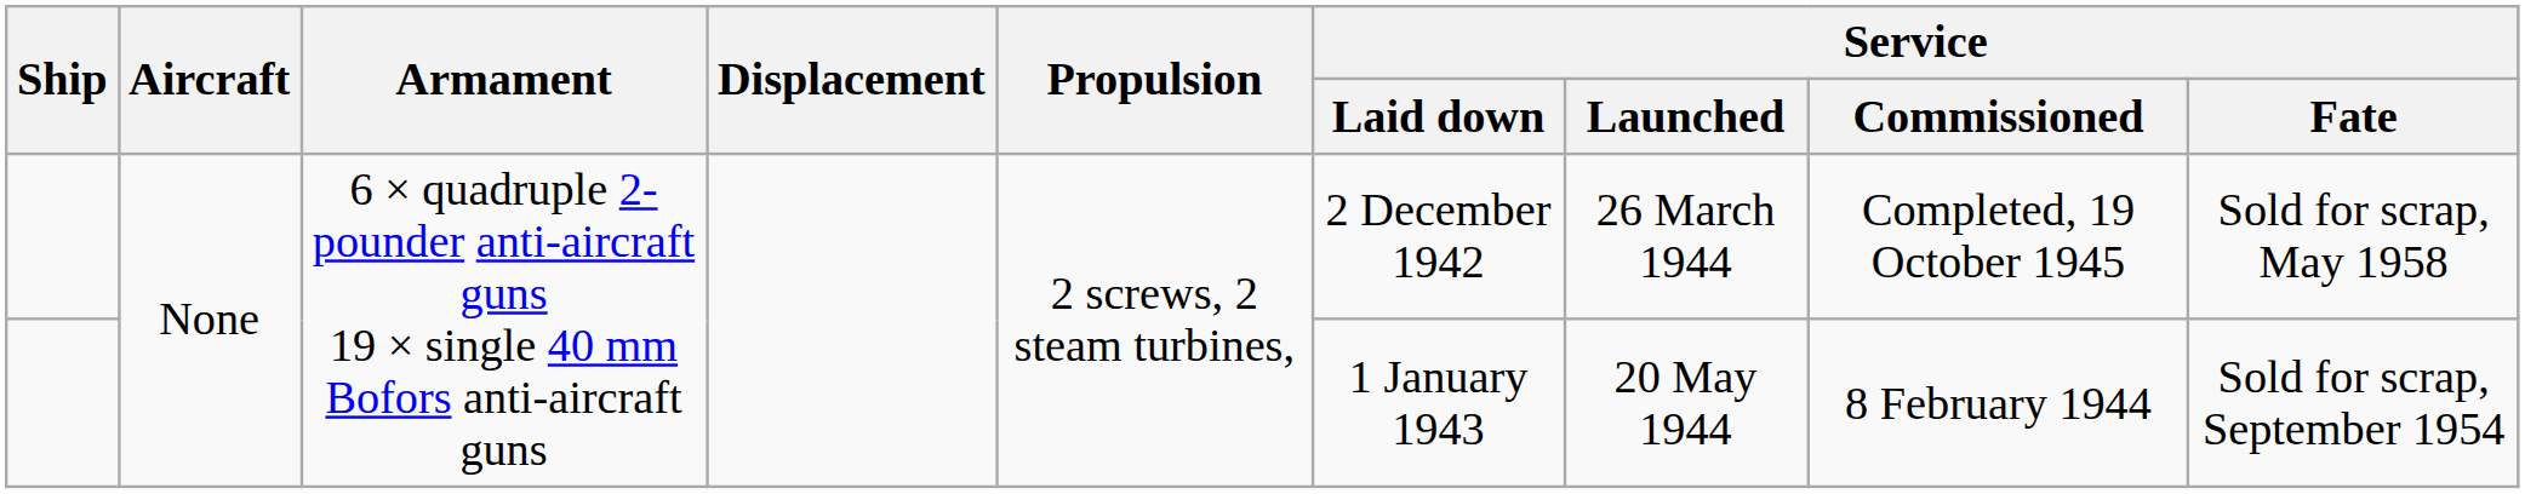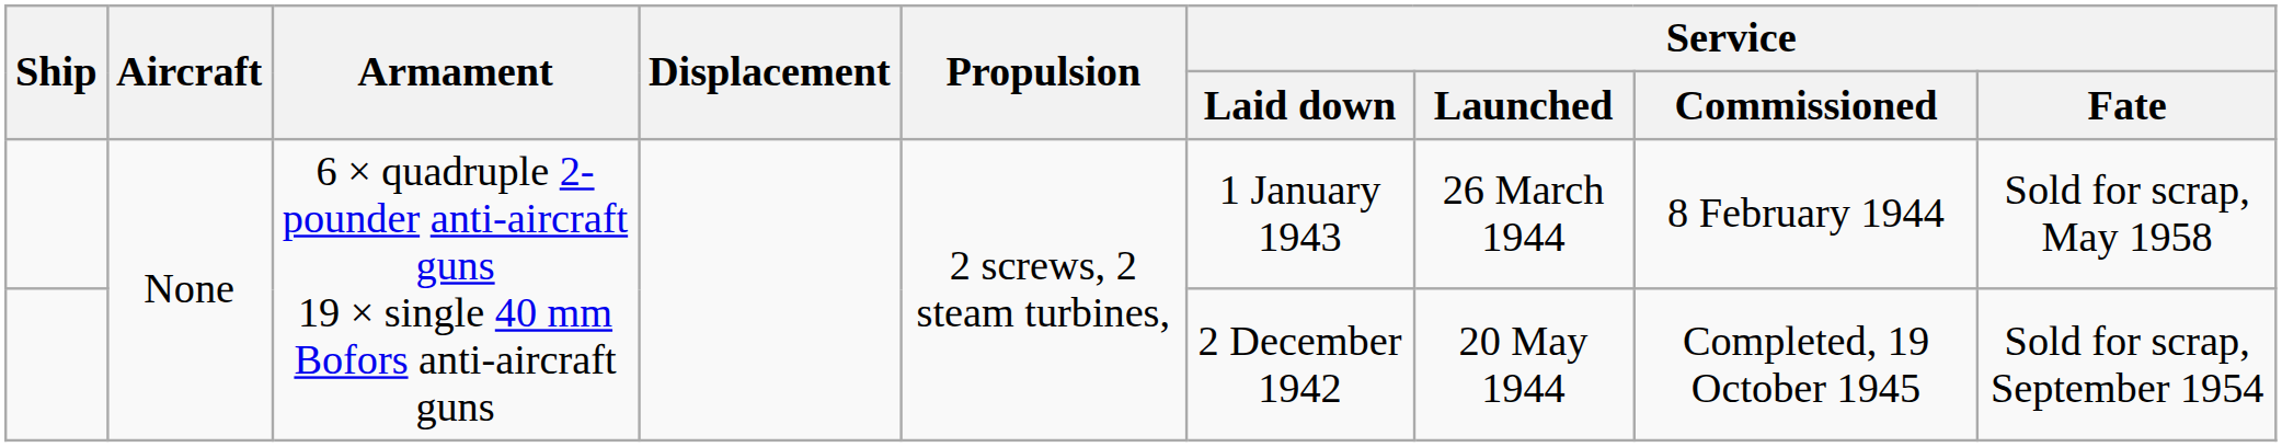 <table class="wikitable plainrowheaders">
 <tr>
 <th scope="col" align= center rowspan=2>Ship</th>
 <th scope="col" align= center rowspan=2>Aircraft</th>
 <th scope="col" align= center rowspan=2>Armament</th>
 <th scope="col" align= center rowspan=2>Displacement</th>
 <th scope="col" align= center rowspan=2>Propulsion</th>
 <th scope="col" align= center colspan=4>Service</th>
 </tr>
 <tr valign="top">
 <th scope="col" align= center>Laid down</th>
 <th scope="col" align= center>Launched</th>
 <th scope="col" align= center>Commissioned</th>
 <th scope="col" align= center>Fate</th>
 </tr>
 <tr valign="center">
 <td scope="row" align= left></td>
 <td align= center rowspan=2>None</td>
 <td align= center rowspan=2>6 × quadruple <a href='#'>2-pounder</a> <a href='#'>anti-aircraft guns</a><br>19 × single <a href='#'>40 mm Bofors</a> anti-aircraft guns</td>
 <td align= center rowspan=2></td>
 <td align= center rowspan=2>2 screws, 2 steam turbines, </td>
-<td align= center>2 December 1942</td>
+<td align= center>1 January 1943</td>
 <td align= center>26 March 1944</td>
-<td align= center>Completed, 19 October 1945</td>
+<td align= center>8 February 1944</td>
 <td align= center>Sold for scrap, May 1958</td>
 </tr>
 <tr valign="center">
 <td scope="row" align= left></td>
-<td align= center>1 January 1943</td>
+<td align= center>2 December 1942</td>
 <td align= center>20 May 1944</td>
-<td align= center>8 February 1944</td>
+<td align= center>Completed, 19 October 1945</td>
 <td align= center>Sold for scrap, September 1954</td>
 </tr>
 </table>
